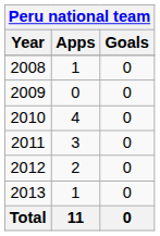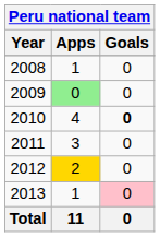 <table class="wikitable" style="text-align:center">
 <tr>
 <th colspan=3><a href='#'>Peru national team</a></th>
 </tr>
 <tr>
 <th>Year</th>
 <th>Apps</th>
 <th>Goals</th>
 </tr>
 <tr>
 </tr>
 <tr>
 <td>2008</td>
 <td>1</td>
 <td>0</td>
 </tr>
 <tr>
 <td>2009</td>
-<td>0</td>
+<td style="background: lightgreen;">0</td>
 <td>0</td>
 </tr>
 <tr>
 <td>2010</td>
 <td>4</td>
-<td>0</td>
+<td><strong>0</strong></td>
 </tr>
 <tr>
 <td>2011</td>
 <td>3</td>
 <td>0</td>
 </tr>
 <tr>
 <td>2012</td>
-<td>2</td>
+<td style="background: gold;">2</td>
 <td>0</td>
 </tr>
 <tr>
 <td>2013</td>
 <td>1</td>
-<td>0</td>
+<td style="background: pink;">0</td>
 </tr>
 <tr>
 <th>Total</th>
 <th>11</th>
 <th>0</th>
 </tr>
 </table>
